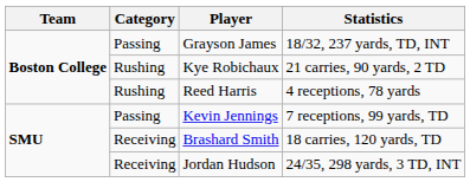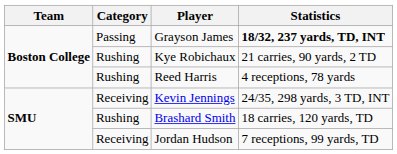 <table class="wikitable" style="float: right;">
 <tr>
 <th>Team</th>
 <th>Category</th>
 <th>Player</th>
 <th>Statistics</th>
 </tr>
 <tr>
 <td rowspan=3><strong>Boston College</strong></td>
 <td>Passing</td>
 <td>Grayson James</td>
-<td>18/32, 237 yards, TD, INT</td>
+<td><strong>18/32, 237 yards, TD, INT</strong></td>
 </tr>
 <tr>
 <td>Rushing</td>
 <td>Kye Robichaux</td>
 <td>21 carries, 90 yards, 2 TD</td>
 </tr>
 <tr>
 <td>Rushing</td>
 <td>Reed Harris</td>
 <td>4 receptions, 78 yards</td>
 </tr>
 <tr>
 <td rowspan=3><strong>SMU</strong></td>
-<td>Passing</td>
+<td>Receiving</td>
 <td><a href='#'>Kevin Jennings</a></td>
-<td>7 receptions, 99 yards, TD</td>
+<td>24/35, 298 yards, 3 TD, INT</td>
 </tr>
 <tr>
-<td>Receiving</td>
+<td>Rushing</td>
 <td><a href='#'>Brashard Smith</a></td>
 <td>18 carries, 120 yards, TD</td>
 </tr>
 <tr>
 <td>Receiving</td>
 <td>Jordan Hudson</td>
-<td>24/35, 298 yards, 3 TD, INT</td>
+<td>7 receptions, 99 yards, TD</td>
 </tr>
 </table>
